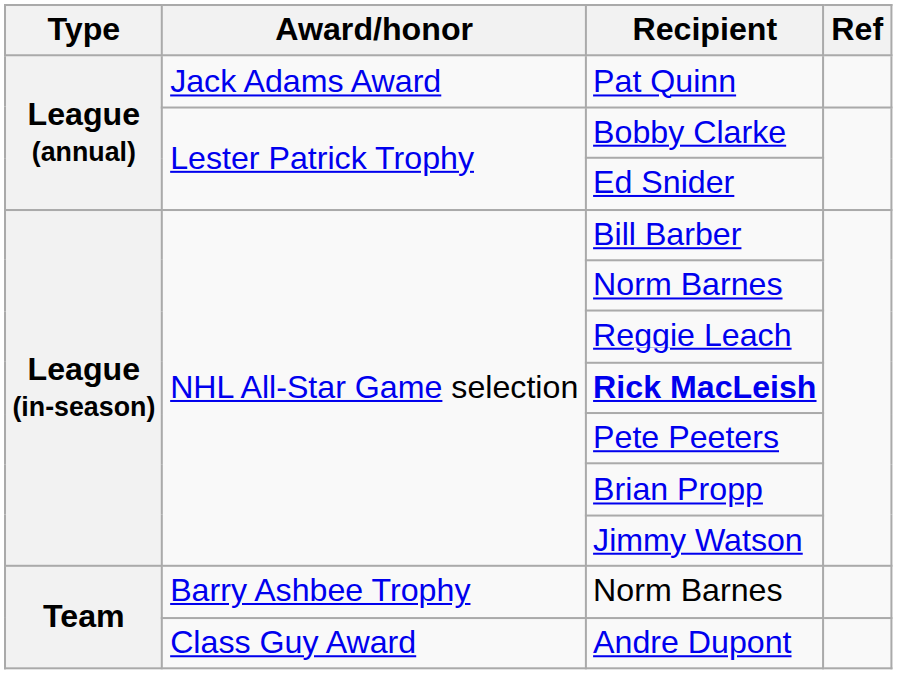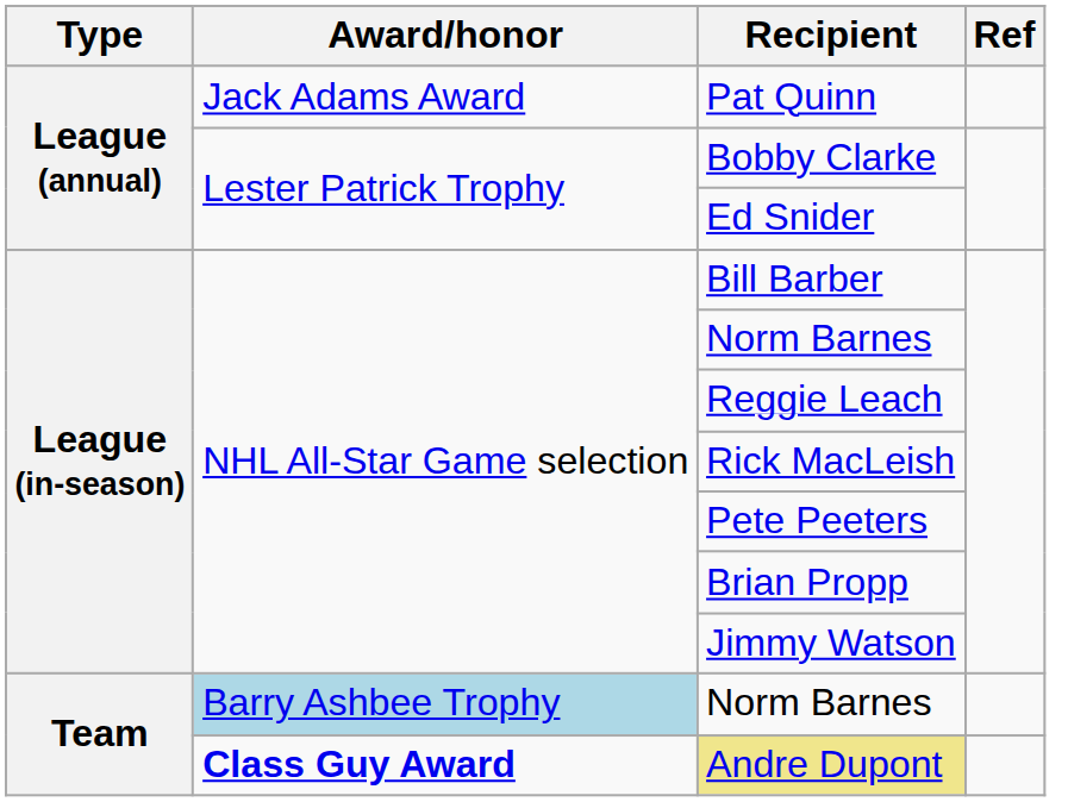 <table class="wikitable">
 <tr>
 <th scope="col">Type</th>
 <th scope="col">Award/honor</th>
 <th scope="col">Recipient</th>
 <th scope="col">Ref</th>
 </tr>
 <tr>
 <th scope="row" rowspan="3">League<br><small>(annual)</small></th>
 <td><a href='#'>Jack Adams Award</a></td>
 <td><a href='#'>Pat Quinn</a></td>
 <td></td>
 </tr>
 <tr>
 <td rowspan="2"><a href='#'>Lester Patrick Trophy</a></td>
 <td><a href='#'>Bobby Clarke</a></td>
 <td rowspan="2"></td>
 </tr>
 <tr>
 <td><a href='#'>Ed Snider</a></td>
 </tr>
 <tr>
 <th scope="row" rowspan="7">League<br><small>(in-season)</small></th>
 <td rowspan="7"><a href='#'>NHL All-Star Game</a> selection</td>
 <td><a href='#'>Bill Barber</a></td>
 <td rowspan="7"></td>
 </tr>
 <tr>
 <td><a href='#'>Norm Barnes</a></td>
 </tr>
 <tr>
 <td><a href='#'>Reggie Leach</a></td>
 </tr>
 <tr>
-<td><strong><a href='#'>Rick MacLeish</a></strong></td>
+<td><a href='#'>Rick MacLeish</a></td>
 </tr>
 <tr>
 <td><a href='#'>Pete Peeters</a></td>
 </tr>
 <tr>
 <td><a href='#'>Brian Propp</a></td>
 </tr>
 <tr>
 <td><a href='#'>Jimmy Watson</a></td>
 </tr>
 <tr>
 <th scope="row" rowspan="2">Team</th>
-<td><a href='#'>Barry Ashbee Trophy</a></td>
+<td style="background: lightblue;"><a href='#'>Barry Ashbee Trophy</a></td>
 <td>Norm Barnes</td>
 <td></td>
 </tr>
 <tr>
-<td><a href='#'>Class Guy Award</a></td>
-<td><a href='#'>Andre Dupont</a></td>
+<td><strong><a href='#'>Class Guy Award</a></strong></td>
+<td style="background: khaki;"><a href='#'>Andre Dupont</a></td>
 <td></td>
 </tr>
 </table>
